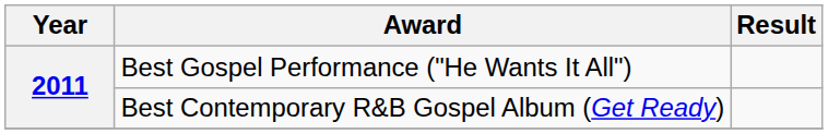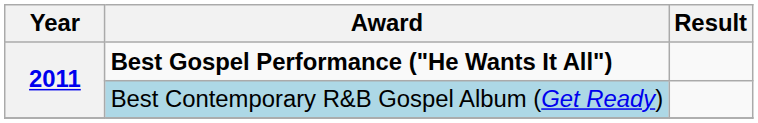 <table class="wikitable">
 <tr>
 <th width="60px">Year</th>
 <th>Award</th>
 <th>Result</th>
 </tr>
 <tr>
 <th rowspan="2"><a href='#'>2011</a></th>
-<td>Best Gospel Performance ("He Wants It All")</td>
+<td><strong>Best Gospel Performance ("He Wants It All")</strong></td>
 <td></td>
 </tr>
 <tr>
-<td>Best Contemporary R&B Gospel Album (<em><a href='#'>Get Ready</a></em>)</td>
+<td style="background: lightblue;">Best Contemporary R&B Gospel Album (<em><a href='#'>Get Ready</a></em>)</td>
 <td></td>
 </tr>
 <tr>
 </tr>
 </table>
